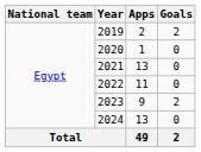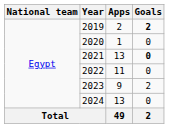 <table class="wikitable" style=text-align:center>
 <tr>
 <th>National team</th>
 <th>Year</th>
 <th>Apps</th>
 <th>Goals</th>
 </tr>
 <tr>
 <td rowspan=6><a href='#'>Egypt</a></td>
 <td>2019</td>
 <td>2</td>
-<td>2</td>
+<td><strong>2</strong></td>
 </tr>
 <tr>
 <td>2020</td>
 <td>1</td>
 <td>0</td>
 </tr>
 <tr>
 <td>2021</td>
 <td>13</td>
-<td>0</td>
+<td><strong>0</strong></td>
 </tr>
 <tr>
 <td>2022</td>
 <td>11</td>
 <td>0</td>
 </tr>
 <tr>
 <td>2023</td>
 <td>9</td>
 <td>2</td>
 </tr>
 <tr>
 <td>2024</td>
 <td>13</td>
 <td>0</td>
 </tr>
 <tr>
 <th colspan=2>Total</th>
 <th>49</th>
 <th>2</th>
 </tr>
 </table>
